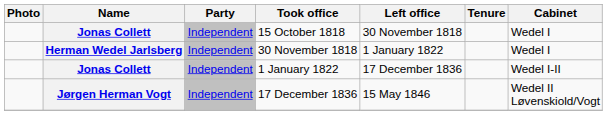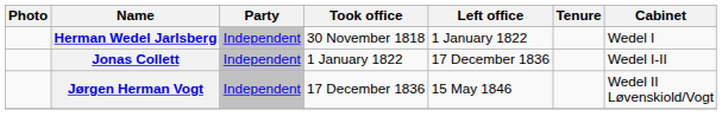 <table class="wikitable plainrowheaders sortable">
 <tr>
 <th scope=col class=unsortable>Photo</th>
 <th scope=col>Name</th>
 <th scope=col>Party</th>
 <th scope=col>Took office</th>
 <th scope=col>Left office</th>
 <th scope=col>Tenure</th>
 <th scope=col>Cabinet</th>
-</tr>
-<tr>
-<td align=center></td>
-<th scope=row><a href='#'>Jonas Collett</a></th>
-<td style="background:#C0C0C0"><a href='#'>Independent</a></td>
-<td>15 October 1818</td>
-<td>30 November 1818</td>
-<td></td>
-<td>Wedel I</td>
 </tr>
 <tr>
 <td align=center></td>
 <th scope=row><a href='#'>Herman Wedel Jarlsberg</a></th>
 <td style="background:#C0C0C0"><a href='#'>Independent</a></td>
 <td>30 November 1818</td>
 <td>1 January 1822</td>
 <td></td>
 <td>Wedel I</td>
 </tr>
 <tr>
 <td align=center></td>
 <th scope=row><a href='#'>Jonas Collett</a></th>
 <td style="background:#C0C0C0"><a href='#'>Independent</a></td>
 <td>1 January 1822</td>
 <td>17 December 1836</td>
 <td></td>
 <td>Wedel I-II</td>
 </tr>
 <tr>
 <td align=center></td>
 <th scope=row><a href='#'>Jørgen Herman Vogt</a></th>
 <td style="background:#C0C0C0"><a href='#'>Independent</a></td>
 <td>17 December 1836</td>
 <td>15 May 1846</td>
 <td></td>
 <td>Wedel II <br> Løvenskiold/Vogt</td>
 </tr>
 <tr>
 </tr>
 </table>
